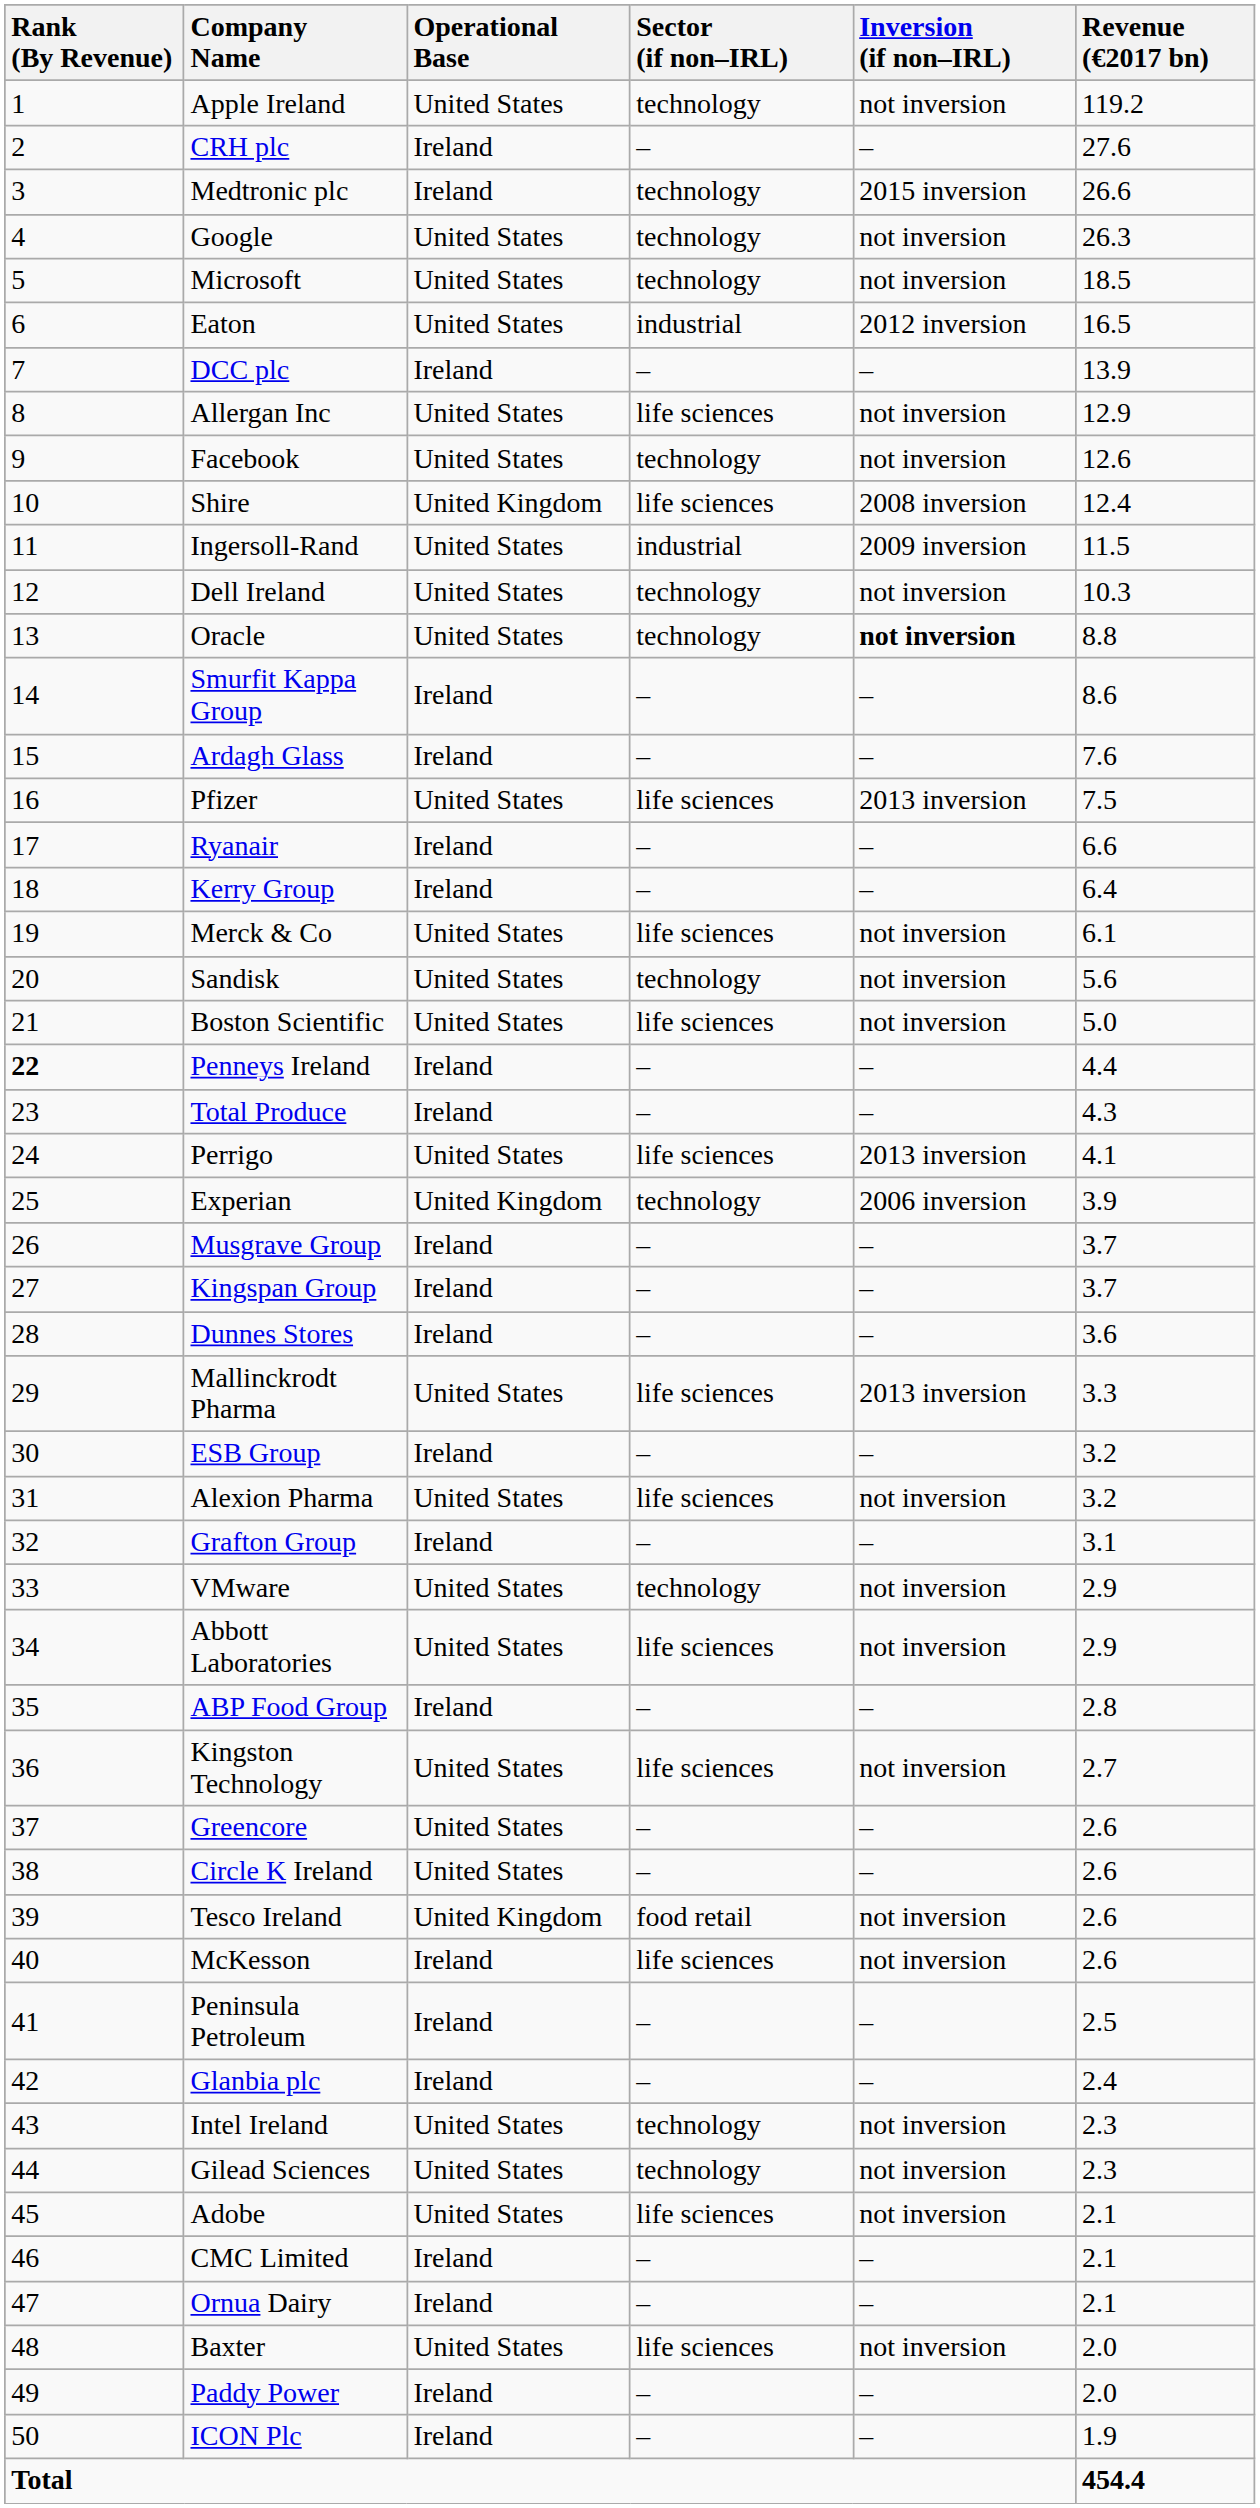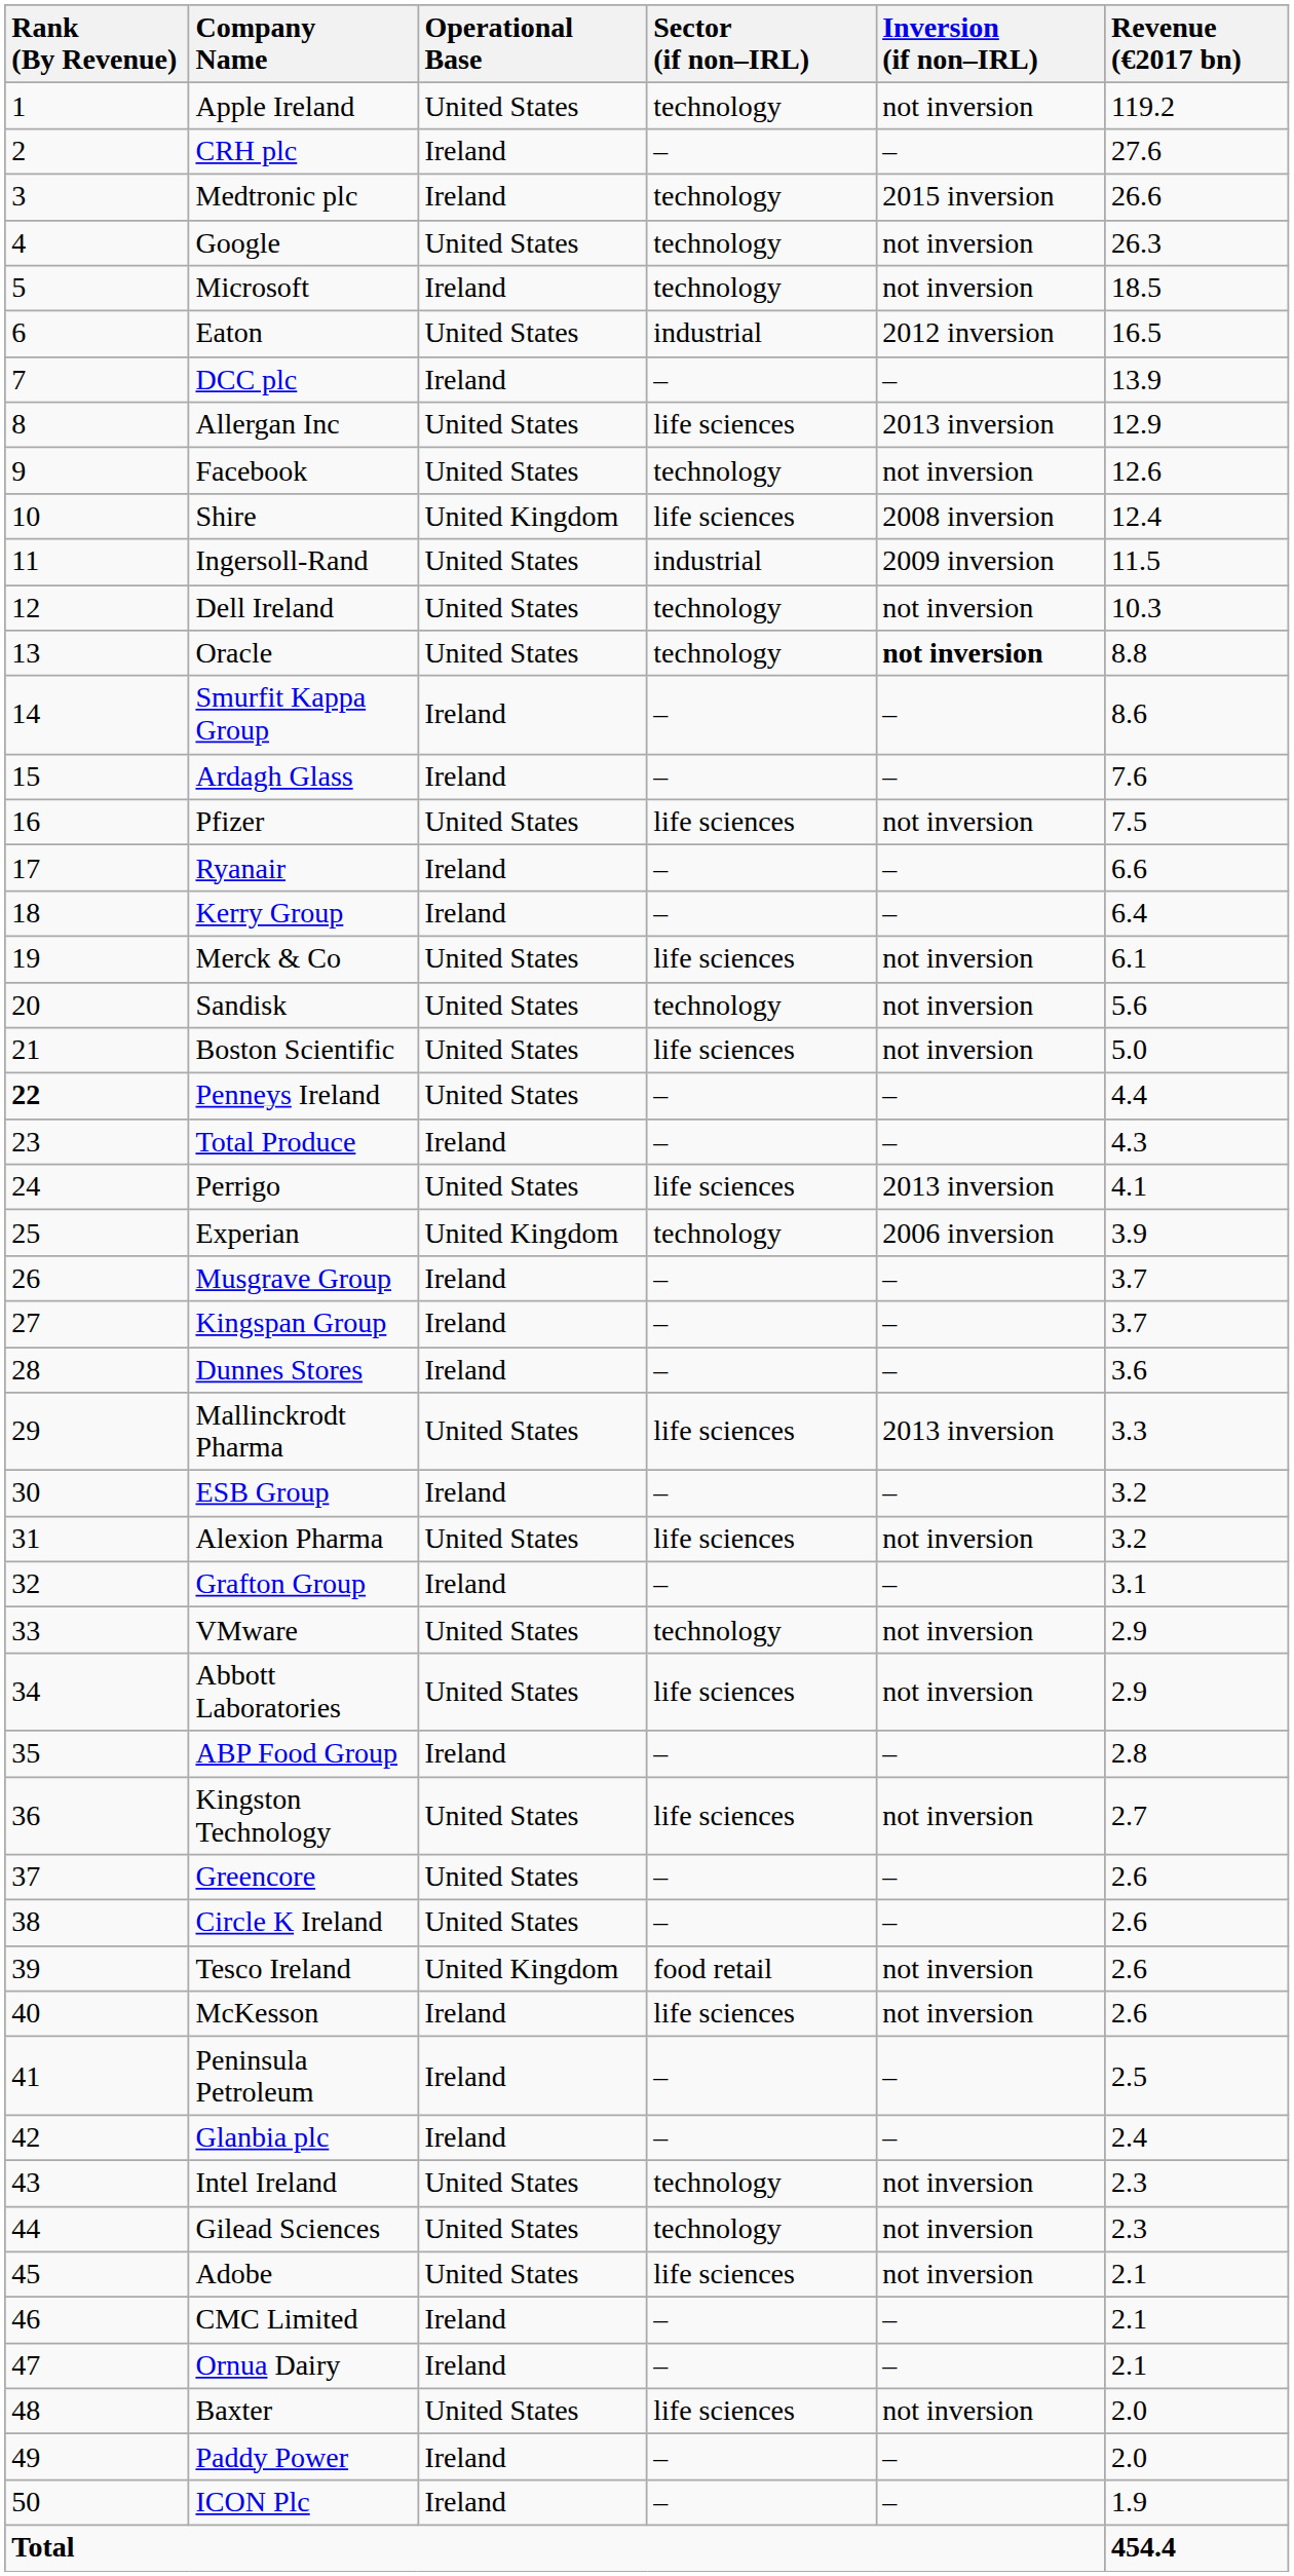 <table class="wikitable sortable" style="text-align:left">
 <tr>
 <th style="width:95px;text-align:left">Rank<br>(By Revenue)</th>
 <th style="width:120px;text-align:left">Company<br>Name</th>
 <th style="width:120px;text-align:left">Operational<br>Base</th>
 <th style="width:120px;text-align:left">Sector<br>(if non–IRL)</th>
 <th style="width:120px;text-align:left"><a href='#'>Inversion</a><br> (if non–IRL)</th>
 <th style="width:95px;text-align:left">Revenue<br>(€2017 bn)</th>
 </tr>
 <tr>
 <td>1</td>
 <td>Apple Ireland</td>
 <td>United States</td>
 <td>technology</td>
 <td>not inversion</td>
 <td>119.2</td>
 </tr>
 <tr>
 <td>2</td>
 <td><a href='#'>CRH plc</a></td>
 <td>Ireland</td>
 <td>–</td>
 <td>–</td>
 <td>27.6</td>
 </tr>
 <tr>
 <td>3</td>
 <td>Medtronic plc</td>
 <td>Ireland</td>
 <td>technology</td>
 <td>2015 inversion</td>
 <td>26.6</td>
 </tr>
 <tr>
 <td>4</td>
 <td>Google</td>
 <td>United States</td>
 <td>technology</td>
 <td>not inversion</td>
 <td>26.3</td>
 </tr>
 <tr>
 <td>5</td>
 <td>Microsoft</td>
-<td>United States</td>
+<td>Ireland</td>
 <td>technology</td>
 <td>not inversion</td>
 <td>18.5</td>
 </tr>
 <tr>
 <td>6</td>
 <td>Eaton</td>
 <td>United States</td>
 <td>industrial</td>
 <td>2012 inversion</td>
 <td>16.5</td>
 </tr>
 <tr>
 <td>7</td>
 <td><a href='#'>DCC plc</a></td>
 <td>Ireland</td>
 <td>–</td>
 <td>–</td>
 <td>13.9</td>
 </tr>
 <tr>
 <td>8</td>
 <td>Allergan Inc</td>
 <td>United States</td>
 <td>life sciences</td>
-<td>not inversion</td>
+<td>2013 inversion</td>
 <td>12.9</td>
 </tr>
 <tr>
 <td>9</td>
 <td>Facebook</td>
 <td>United States</td>
 <td>technology</td>
 <td>not inversion</td>
 <td>12.6</td>
 </tr>
 <tr>
 <td>10</td>
 <td>Shire</td>
 <td>United Kingdom</td>
 <td>life sciences</td>
 <td>2008 inversion</td>
 <td>12.4</td>
 </tr>
 <tr>
 <td>11</td>
 <td>Ingersoll-Rand</td>
 <td>United States</td>
 <td>industrial</td>
 <td>2009 inversion</td>
 <td>11.5</td>
 </tr>
 <tr>
 <td>12</td>
 <td>Dell Ireland</td>
 <td>United States</td>
 <td>technology</td>
 <td>not inversion</td>
 <td>10.3</td>
 </tr>
 <tr>
 <td>13</td>
 <td>Oracle</td>
 <td>United States</td>
 <td>technology</td>
 <td><strong>not inversion</strong></td>
 <td>8.8</td>
 </tr>
 <tr>
 <td>14</td>
 <td><a href='#'>Smurfit Kappa Group</a></td>
 <td>Ireland</td>
 <td>–</td>
 <td>–</td>
 <td>8.6</td>
 </tr>
 <tr>
 <td>15</td>
 <td><a href='#'>Ardagh Glass</a></td>
 <td>Ireland</td>
 <td>–</td>
 <td>–</td>
 <td>7.6</td>
 </tr>
 <tr>
 <td>16</td>
 <td>Pfizer</td>
 <td>United States</td>
 <td>life sciences</td>
-<td>2013 inversion</td>
+<td>not inversion</td>
 <td>7.5</td>
 </tr>
 <tr>
 <td>17</td>
 <td><a href='#'>Ryanair</a></td>
 <td>Ireland</td>
 <td>–</td>
 <td>–</td>
 <td>6.6</td>
 </tr>
 <tr>
 <td>18</td>
 <td><a href='#'>Kerry Group</a></td>
 <td>Ireland</td>
 <td>–</td>
 <td>–</td>
 <td>6.4</td>
 </tr>
 <tr>
 <td>19</td>
 <td>Merck & Co</td>
 <td>United States</td>
 <td>life sciences</td>
 <td>not inversion</td>
 <td>6.1</td>
 </tr>
 <tr>
 <td>20</td>
 <td>Sandisk</td>
 <td>United States</td>
 <td>technology</td>
 <td>not inversion</td>
 <td>5.6</td>
 </tr>
 <tr>
 <td>21</td>
 <td>Boston Scientific</td>
 <td>United States</td>
 <td>life sciences</td>
 <td>not inversion</td>
 <td>5.0</td>
 </tr>
 <tr>
 <td><strong>22</strong></td>
 <td><a href='#'>Penneys</a> Ireland</td>
-<td>Ireland</td>
+<td>United States</td>
 <td>–</td>
 <td>–</td>
 <td>4.4</td>
 </tr>
 <tr>
 <td>23</td>
 <td><a href='#'>Total Produce</a></td>
 <td>Ireland</td>
 <td>–</td>
 <td>–</td>
 <td>4.3</td>
 </tr>
 <tr>
 <td>24</td>
 <td>Perrigo</td>
 <td>United States</td>
 <td>life sciences</td>
 <td>2013 inversion</td>
 <td>4.1</td>
 </tr>
 <tr>
 <td>25</td>
 <td>Experian</td>
 <td>United Kingdom</td>
 <td>technology</td>
 <td>2006 inversion</td>
 <td>3.9</td>
 </tr>
 <tr>
 <td>26</td>
 <td><a href='#'>Musgrave Group</a></td>
 <td>Ireland</td>
 <td>–</td>
 <td>–</td>
 <td>3.7</td>
 </tr>
 <tr>
 <td>27</td>
 <td><a href='#'>Kingspan Group</a></td>
 <td>Ireland</td>
 <td>–</td>
 <td>–</td>
 <td>3.7</td>
 </tr>
 <tr>
 <td>28</td>
 <td><a href='#'>Dunnes Stores</a></td>
 <td>Ireland</td>
 <td>–</td>
 <td>–</td>
 <td>3.6</td>
 </tr>
 <tr>
 <td>29</td>
 <td>Mallinckrodt Pharma</td>
 <td>United States</td>
 <td>life sciences</td>
 <td>2013 inversion</td>
 <td>3.3</td>
 </tr>
 <tr>
 <td>30</td>
 <td><a href='#'>ESB Group</a></td>
 <td>Ireland</td>
 <td>–</td>
 <td>–</td>
 <td>3.2</td>
 </tr>
 <tr>
 <td>31</td>
 <td>Alexion Pharma</td>
 <td>United States</td>
 <td>life sciences</td>
 <td>not inversion</td>
 <td>3.2</td>
 </tr>
 <tr>
 <td>32</td>
 <td><a href='#'>Grafton Group</a></td>
 <td>Ireland</td>
 <td>–</td>
 <td>–</td>
 <td>3.1</td>
 </tr>
 <tr>
 <td>33</td>
 <td>VMware</td>
 <td>United States</td>
 <td>technology</td>
 <td>not inversion</td>
 <td>2.9</td>
 </tr>
 <tr>
 <td>34</td>
 <td>Abbott Laboratories</td>
 <td>United States</td>
 <td>life sciences</td>
 <td>not inversion</td>
 <td>2.9</td>
 </tr>
 <tr>
 <td>35</td>
 <td><a href='#'>ABP Food Group</a></td>
 <td>Ireland</td>
 <td>–</td>
 <td>–</td>
 <td>2.8</td>
 </tr>
 <tr>
 <td>36</td>
 <td>Kingston Technology</td>
 <td>United States</td>
 <td>life sciences</td>
 <td>not inversion</td>
 <td>2.7</td>
 </tr>
 <tr>
 <td>37</td>
 <td><a href='#'>Greencore</a></td>
 <td>United States</td>
 <td>–</td>
 <td>–</td>
 <td>2.6</td>
 </tr>
 <tr>
 <td>38</td>
 <td><a href='#'>Circle K</a> Ireland</td>
 <td>United States</td>
 <td>–</td>
 <td>–</td>
 <td>2.6</td>
 </tr>
 <tr>
 <td>39</td>
 <td>Tesco Ireland</td>
 <td>United Kingdom</td>
 <td>food retail</td>
 <td>not inversion</td>
 <td>2.6</td>
 </tr>
 <tr>
 <td>40</td>
 <td>McKesson</td>
 <td>Ireland</td>
 <td>life sciences</td>
 <td>not inversion</td>
 <td>2.6</td>
 </tr>
 <tr>
 <td>41</td>
 <td>Peninsula Petroleum</td>
 <td>Ireland</td>
 <td>–</td>
 <td>–</td>
 <td>2.5</td>
 </tr>
 <tr>
 <td>42</td>
 <td><a href='#'>Glanbia plc</a></td>
 <td>Ireland</td>
 <td>–</td>
 <td>–</td>
 <td>2.4</td>
 </tr>
 <tr>
 <td>43</td>
 <td>Intel Ireland</td>
 <td>United States</td>
 <td>technology</td>
 <td>not inversion</td>
 <td>2.3</td>
 </tr>
 <tr>
 <td>44</td>
 <td>Gilead Sciences</td>
 <td>United States</td>
 <td>technology</td>
 <td>not inversion</td>
 <td>2.3</td>
 </tr>
 <tr>
 <td>45</td>
 <td>Adobe</td>
 <td>United States</td>
 <td>life sciences</td>
 <td>not inversion</td>
 <td>2.1</td>
 </tr>
 <tr>
 <td>46</td>
 <td>CMC Limited</td>
 <td>Ireland</td>
 <td>–</td>
 <td>–</td>
 <td>2.1</td>
 </tr>
 <tr>
 <td>47</td>
 <td><a href='#'>Ornua</a> Dairy</td>
 <td>Ireland</td>
 <td>–</td>
 <td>–</td>
 <td>2.1</td>
 </tr>
 <tr>
 <td>48</td>
 <td>Baxter</td>
 <td>United States</td>
 <td>life sciences</td>
 <td>not inversion</td>
 <td>2.0</td>
 </tr>
 <tr>
 <td>49</td>
 <td><a href='#'>Paddy Power</a></td>
 <td>Ireland</td>
 <td>–</td>
 <td>–</td>
 <td>2.0</td>
 </tr>
 <tr>
 <td>50</td>
 <td><a href='#'>ICON Plc</a></td>
 <td>Ireland</td>
 <td>–</td>
 <td>–</td>
 <td>1.9</td>
 </tr>
 <tr>
 <td colspan="5" style="text-align:left"><strong>Total</strong></td>
 <td><strong>454.4</strong></td>
 </tr>
 </table>
